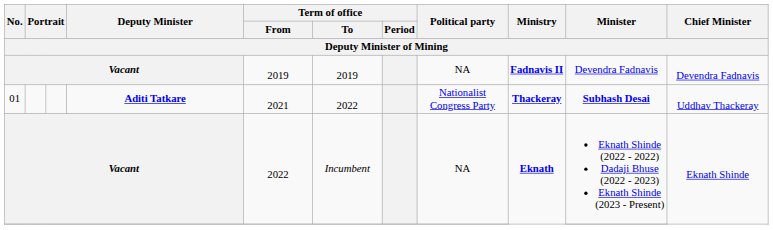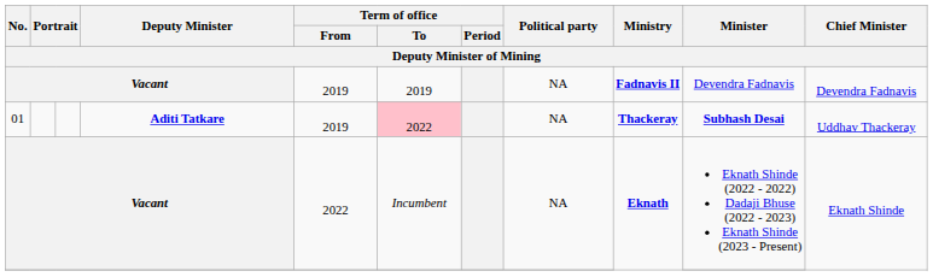 <table class="wikitable" style="text-align:center">
 <tr>
 <th rowspan="2">No.</th>
 <th rowspan="2" colspan="2">Portrait</th>
 <th rowspan="2" style="width:16em">Deputy Minister<br></th>
 <th colspan="3">Term of office</th>
 <th rowspan="2" style="width:8em">Political party</th>
 <th rowspan="2">Ministry</th>
 <th rowspan="2" style="width:9em">Minister</th>
 <th rowspan="2" style="width:9em">Chief Minister</th>
 </tr>
 <tr>
 <th style="width:6em">From</th>
 <th style="width:6em">To</th>
 <th>Period</th>
 </tr>
 <tr>
 <th colspan="11">Deputy Minister of Mining</th>
 </tr>
 <tr>
 <th colspan="04"><strong><em>Vacant</em></strong></th>
 <td><br>2019</td>
 <td><br>2019</td>
 <th></th>
 <td>NA</td>
 <td rowspan="1"><a href='#'><strong>Fadnavis II</strong></a></td>
 <td><a href='#'>Devendra Fadnavis</a></td>
 <td rowspan="1"> <br><a href='#'>Devendra Fadnavis</a></td>
 </tr>
 <tr>
 <td>01</td>
 <td style="color:inherit;background:"></td>
 <td></td>
 <td><strong><a href='#'>Aditi Tatkare</a></strong> <br> </td>
-<td><br>2021</td>
-<td><br>2022</td>
+<td><br>2019</td>
+<td style="background: pink;"><br>2022</td>
 <th></th>
-<td><a href='#'>Nationalist Congress Party</a></td>
+<td>NA</td>
 <td rowspan="1"><a href='#'><strong>Thackeray</strong></a></td>
 <td><strong><a href='#'>Subhash Desai</a></strong></td>
 <td rowspan="1"> <br><a href='#'>Uddhav Thackeray</a></td>
 </tr>
 <tr>
 <th colspan="04"><strong><em>Vacant </em></strong></th>
 <td><br>2022</td>
 <td><em>Incumbent</em></td>
 <th></th>
 <td>NA</td>
 <td rowspan="2"><a href='#'><strong>Eknath</strong></a></td>
 <td><br><ul><li><a href='#'>Eknath Shinde</a><br>(2022 - 2022)</li><li><a href='#'>Dadaji Bhuse</a><br> (2022 - 2023)</li><li><a href='#'>Eknath Shinde</a><br> (2023 - Present)</li></ul></td>
 <td rowspan="2"> <br><a href='#'>Eknath Shinde</a></td>
 </tr>
 <tr>
 </tr>
 </table>
